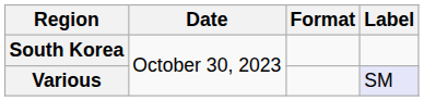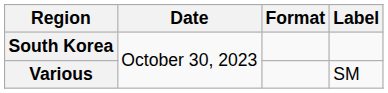 <table class="wikitable plainrowheaders">
 <tr>
 <th scope="col">Region</th>
 <th scope="col">Date</th>
 <th scope="col">Format</th>
 <th scope="col">Label</th>
 </tr>
 <tr>
 <th scope="row">South Korea</th>
 <td rowspan="2">October 30, 2023</td>
 <td></td>
 <td></td>
 </tr>
 <tr>
 <th scope="row">Various </th>
 <td></td>
-<td style="background: lavender;">SM</td>
+<td>SM</td>
 </tr>
 </table>
